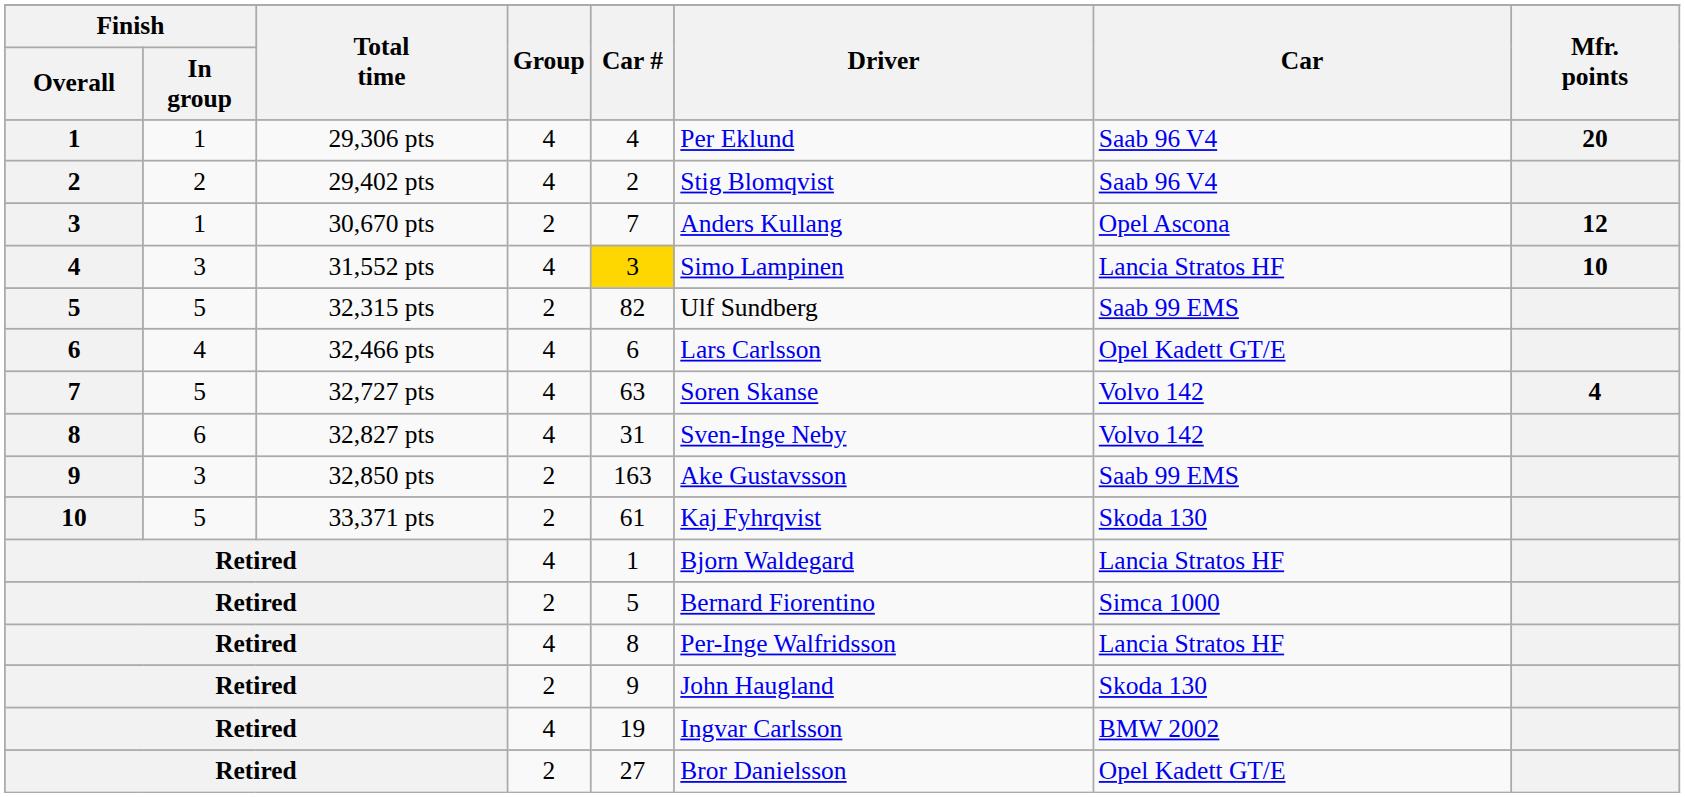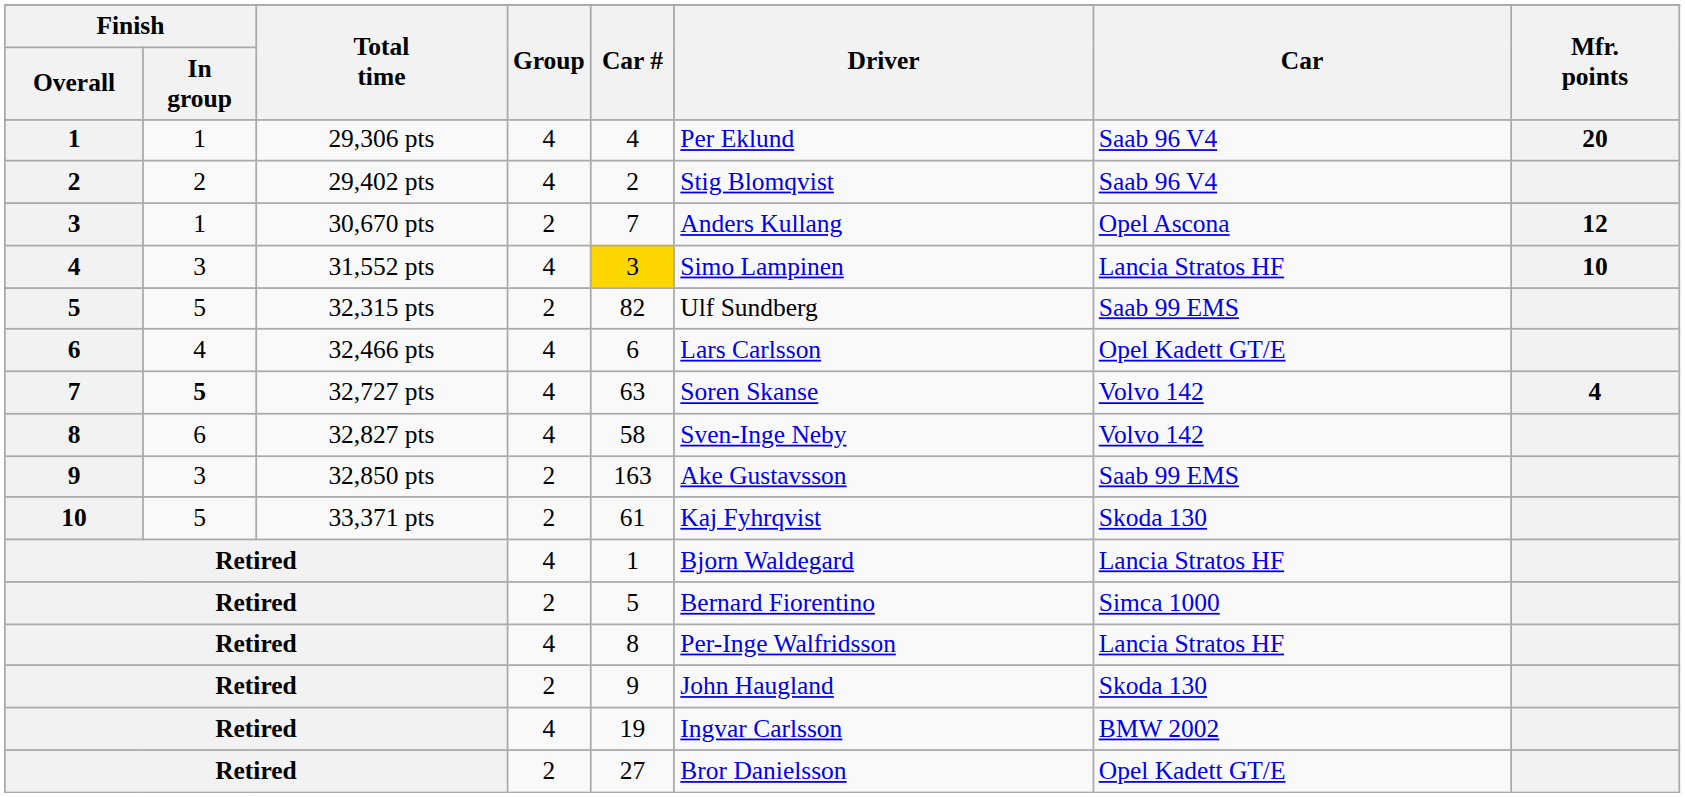 <table class="wikitable" style="font-size:90%;">
 <tr>
 </tr>
 <tr style="background:#efefef;">
 <th style="width:15%;" colspan="2">Finish</th>
 <th style="width:15%;" rowspan="2">Total<br>time</th>
 <th style="width:5%;" rowspan="2">Group</th>
 <th style="width:5%;" rowspan="2">Car #</th>
 <th style="width:25%;" rowspan="2">Driver</th>
 <th style="width:25%;" rowspan="2">Car</th>
 <th style="width:10%;" rowspan="2">Mfr.<br>points</th>
 </tr>
 <tr>
 <th>Overall</th>
 <th>In<br>group</th>
 </tr>
 <tr align=center>
 <th>1</th>
 <td>1</td>
 <td>29,306 pts</td>
 <td>4</td>
 <td>4</td>
 <td align=left> <a href='#'>Per Eklund</a></td>
 <td align=left><a href='#'>Saab 96 V4</a></td>
 <th>20</th>
 </tr>
 <tr align=center>
 <th>2</th>
 <td>2</td>
 <td>29,402 pts</td>
 <td>4</td>
 <td>2</td>
 <td align=left> <a href='#'>Stig Blomqvist</a></td>
 <td align=left><a href='#'>Saab 96 V4</a></td>
 <th></th>
 </tr>
 <tr align=center>
 <th>3</th>
 <td>1</td>
 <td>30,670 pts</td>
 <td>2</td>
 <td>7</td>
 <td align=left> <a href='#'>Anders Kullang</a></td>
 <td align=left><a href='#'>Opel Ascona</a></td>
 <th>12</th>
 </tr>
 <tr align=center>
 <th>4</th>
 <td>3</td>
 <td>31,552 pts</td>
 <td>4</td>
 <td style="background: gold;">3</td>
 <td align=left> <a href='#'>Simo Lampinen</a></td>
 <td align=left><a href='#'>Lancia Stratos HF</a></td>
 <th>10</th>
 </tr>
 <tr align=center>
 <th>5</th>
 <td>5</td>
 <td>32,315 pts</td>
 <td>2</td>
 <td>82</td>
 <td align=left> Ulf Sundberg</td>
 <td align=left><a href='#'>Saab 99 EMS</a></td>
 <th></th>
 </tr>
 <tr align=center>
 <th>6</th>
 <td>4</td>
 <td>32,466 pts</td>
 <td>4</td>
 <td>6</td>
 <td align=left> <a href='#'>Lars Carlsson</a></td>
 <td align=left><a href='#'>Opel Kadett GT/E</a></td>
 <th></th>
 </tr>
 <tr align=center>
 <th>7</th>
-<td>5</td>
+<td><strong>5</strong></td>
 <td>32,727 pts</td>
 <td>4</td>
 <td>63</td>
 <td align=left> <a href='#'>Soren Skanse</a></td>
 <td align=left><a href='#'>Volvo 142</a></td>
 <th>4</th>
 </tr>
 <tr align=center>
 <th>8</th>
 <td>6</td>
 <td>32,827 pts</td>
 <td>4</td>
-<td>31</td>
+<td>58</td>
 <td align=left> <a href='#'>Sven-Inge Neby</a></td>
 <td align=left><a href='#'>Volvo 142</a></td>
 <th></th>
 </tr>
 <tr align=center>
 <th>9</th>
 <td>3</td>
 <td>32,850 pts</td>
 <td>2</td>
 <td>163</td>
 <td align=left> <a href='#'>Ake Gustavsson</a></td>
 <td align=left><a href='#'>Saab 99 EMS</a></td>
 <th></th>
 </tr>
 <tr align=center>
 <th>10</th>
 <td>5</td>
 <td>33,371 pts</td>
 <td>2</td>
 <td>61</td>
 <td align=left> <a href='#'>Kaj Fyhrqvist</a></td>
 <td align=left><a href='#'>Skoda 130</a></td>
 <th></th>
 </tr>
 <tr align=center>
 <th colspan=3>Retired</th>
 <td>4</td>
 <td>1</td>
 <td align=left> <a href='#'>Bjorn Waldegard</a></td>
 <td align=left><a href='#'>Lancia Stratos HF</a></td>
 <th></th>
 </tr>
 <tr align=center>
 <th colspan=3>Retired</th>
 <td>2</td>
 <td>5</td>
 <td align=left> <a href='#'>Bernard Fiorentino</a></td>
 <td align=left><a href='#'>Simca 1000</a></td>
 <th></th>
 </tr>
 <tr align=center>
 <th colspan=3>Retired</th>
 <td>4</td>
 <td>8</td>
 <td align=left> <a href='#'>Per-Inge Walfridsson</a></td>
 <td align=left><a href='#'>Lancia Stratos HF</a></td>
 <th></th>
 </tr>
 <tr align=center>
 <th colspan=3>Retired</th>
 <td>2</td>
 <td>9</td>
 <td align=left> <a href='#'>John Haugland</a></td>
 <td align=left><a href='#'>Skoda 130</a></td>
 <th></th>
 </tr>
 <tr align=center>
 <th colspan=3>Retired</th>
 <td>4</td>
 <td>19</td>
 <td align=left> <a href='#'>Ingvar Carlsson</a></td>
 <td align=left><a href='#'>BMW 2002</a></td>
 <th></th>
 </tr>
 <tr align=center>
 <th colspan=3>Retired</th>
 <td>2</td>
 <td>27</td>
 <td align=left> <a href='#'>Bror Danielsson</a></td>
 <td align=left><a href='#'>Opel Kadett GT/E</a></td>
 <th></th>
 </tr>
 </table>
